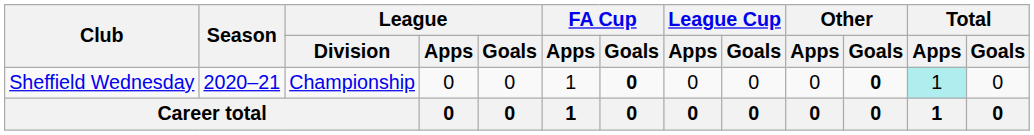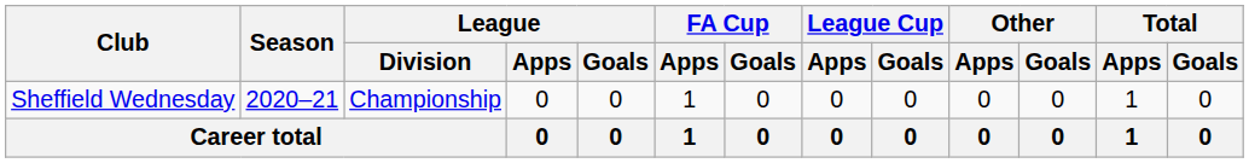 <table class=wikitable style="text-align: center;">
 <tr>
 <th rowspan=2>Club</th>
 <th rowspan=2>Season</th>
 <th colspan=3>League</th>
 <th colspan=2><a href='#'>FA Cup</a></th>
 <th colspan=2><a href='#'>League Cup</a></th>
 <th colspan=2>Other</th>
 <th colspan=2>Total</th>
 </tr>
 <tr>
 <th>Division</th>
 <th>Apps</th>
 <th>Goals</th>
 <th>Apps</th>
 <th>Goals</th>
 <th>Apps</th>
 <th>Goals</th>
 <th>Apps</th>
 <th>Goals</th>
 <th>Apps</th>
 <th>Goals</th>
 </tr>
 <tr>
 <td><a href='#'>Sheffield Wednesday</a></td>
 <td><a href='#'>2020–21</a></td>
 <td><a href='#'>Championship</a></td>
 <td>0</td>
 <td>0</td>
 <td>1</td>
-<td><strong>0</strong></td>
 <td>0</td>
 <td>0</td>
 <td>0</td>
-<td><strong>0</strong></td>
-<td style="background: paleturquoise;">1</td>
+<td>0</td>
+<td>0</td>
+<td>1</td>
 <td>0</td>
 </tr>
 <tr>
 <th colspan="3">Career total</th>
 <th>0</th>
 <th>0</th>
 <th>1</th>
 <th>0</th>
 <th>0</th>
 <th>0</th>
 <th>0</th>
 <th>0</th>
 <th>1</th>
 <th>0</th>
 </tr>
 </table>
